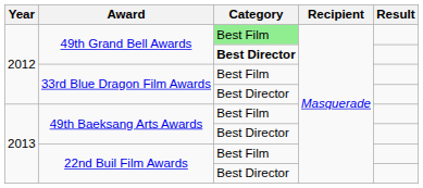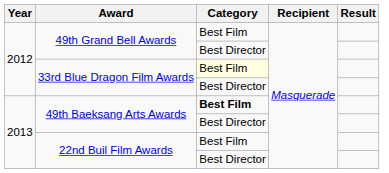 <table class="wikitable sortable">
 <tr>
 <th>Year</th>
 <th>Award</th>
 <th>Category</th>
 <th>Recipient</th>
 <th>Result</th>
 </tr>
 <tr>
 <td rowspan="4">2012</td>
 <td rowspan="2" style="text-align:center;"><a href='#'>49th Grand Bell Awards</a></td>
-<td style="background: lightgreen;">Best Film</td>
+<td>Best Film</td>
 <td rowspan="8"><em><a href='#'>Masquerade</a></em></td>
 <td></td>
 </tr>
 <tr>
-<td><strong>Best Director</strong></td>
+<td>Best Director</td>
 <td></td>
 </tr>
 <tr>
 <td rowspan="2" style="text-align:center;"><a href='#'>33rd Blue Dragon Film Awards</a></td>
-<td>Best Film</td>
+<td style="background: lightyellow;">Best Film</td>
 <td></td>
 </tr>
 <tr>
 <td>Best Director</td>
 <td></td>
 </tr>
 <tr>
 <td rowspan="4">2013</td>
 <td rowspan="2" style="text-align:center;"><a href='#'>49th Baeksang Arts Awards</a></td>
-<td>Best Film</td>
+<td><strong>Best Film</strong></td>
 <td></td>
 </tr>
 <tr>
 <td>Best Director</td>
 <td></td>
 </tr>
 <tr>
 <td rowspan="2" style="text-align:center;"><a href='#'>22nd Buil Film Awards</a></td>
 <td>Best Film</td>
 <td></td>
 </tr>
 <tr>
 <td>Best Director</td>
 <td></td>
 </tr>
 </table>
